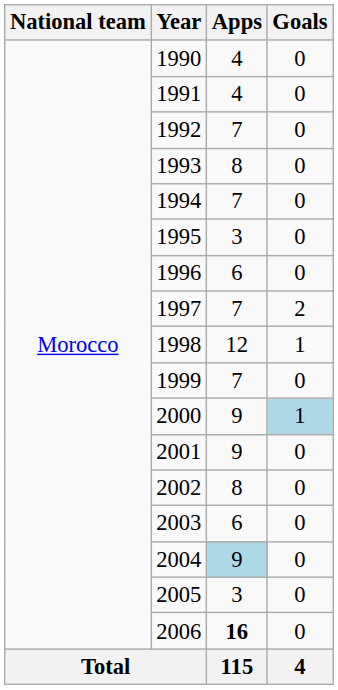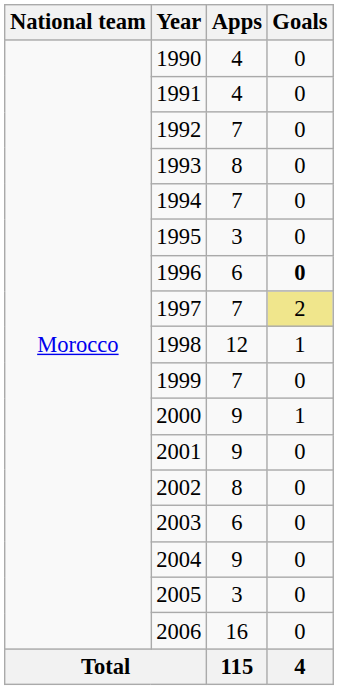 <table class="wikitable" style="text-align:center">
 <tr>
 <th>National team</th>
 <th>Year</th>
 <th>Apps</th>
 <th>Goals</th>
 </tr>
 <tr>
 <td rowspan="17"><a href='#'>Morocco</a></td>
 <td>1990</td>
 <td>4</td>
 <td>0</td>
 </tr>
 <tr>
 <td>1991</td>
 <td>4</td>
 <td>0</td>
 </tr>
 <tr>
 <td>1992</td>
 <td>7</td>
 <td>0</td>
 </tr>
 <tr>
 <td>1993</td>
 <td>8</td>
 <td>0</td>
 </tr>
 <tr>
 <td>1994</td>
 <td>7</td>
 <td>0</td>
 </tr>
 <tr>
 <td>1995</td>
 <td>3</td>
 <td>0</td>
 </tr>
 <tr>
 <td>1996</td>
 <td>6</td>
-<td>0</td>
+<td><strong>0</strong></td>
 </tr>
 <tr>
 <td>1997</td>
 <td>7</td>
-<td>2</td>
+<td style="background: khaki;">2</td>
 </tr>
 <tr>
 <td>1998</td>
 <td>12</td>
 <td>1</td>
 </tr>
 <tr>
 <td>1999</td>
 <td>7</td>
 <td>0</td>
 </tr>
 <tr>
 <td>2000</td>
 <td>9</td>
-<td style="background: lightblue;">1</td>
+<td>1</td>
 </tr>
 <tr>
 <td>2001</td>
 <td>9</td>
 <td>0</td>
 </tr>
 <tr>
 <td>2002</td>
 <td>8</td>
 <td>0</td>
 </tr>
 <tr>
 <td>2003</td>
 <td>6</td>
 <td>0</td>
 </tr>
 <tr>
 <td>2004</td>
-<td style="background: lightblue;">9</td>
+<td>9</td>
 <td>0</td>
 </tr>
 <tr>
 <td>2005</td>
 <td>3</td>
 <td>0</td>
 </tr>
 <tr>
 <td>2006</td>
-<td><strong>16</strong></td>
+<td>16</td>
 <td>0</td>
 </tr>
 <tr>
 <th colspan="2">Total</th>
 <th>115</th>
 <th>4</th>
 </tr>
 </table>
